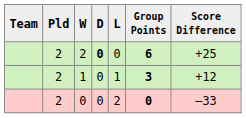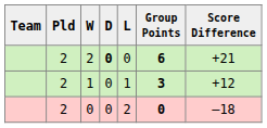 <table style=border-collapse:collapse border=1 cellspacing=0 cellpadding=5>
 <tr align=center bgcolor=#efefef>
 <th>Team</th>
 <th>Pld</th>
 <th>W</th>
 <th>D</th>
 <th>L</th>
 <th><small>Group<br>Points</small></th>
 <th><small>Score<br>Difference</small></th>
 </tr>
 <tr align=center style="background:#D0F0C0;">
 <td style="text-align:left;"> </td>
 <td>2</td>
 <td>2</td>
 <td><strong>0</strong></td>
 <td>0</td>
 <td><strong>6</strong></td>
-<td>+25</td>
+<td>+21</td>
 </tr>
 <tr align=center style="background:#D0F0C0;">
 <td style="text-align:left;"> </td>
 <td>2</td>
 <td>1</td>
 <td>0</td>
 <td>1</td>
 <td><strong>3</strong></td>
 <td>+12</td>
 </tr>
 <tr align=center style="background:#fcc;">
 <td style="text-align:left;"> </td>
 <td>2</td>
 <td>0</td>
 <td>0</td>
 <td>2</td>
 <td><strong>0</strong></td>
-<td>–33</td>
+<td>–18</td>
 </tr>
 </table>
